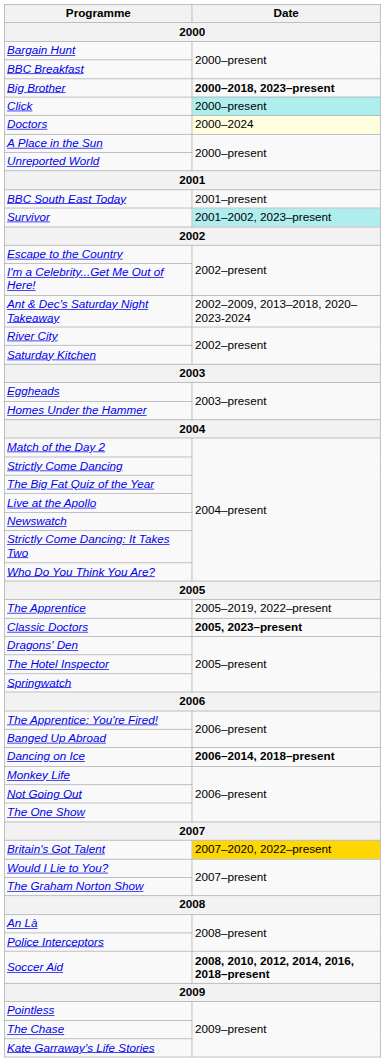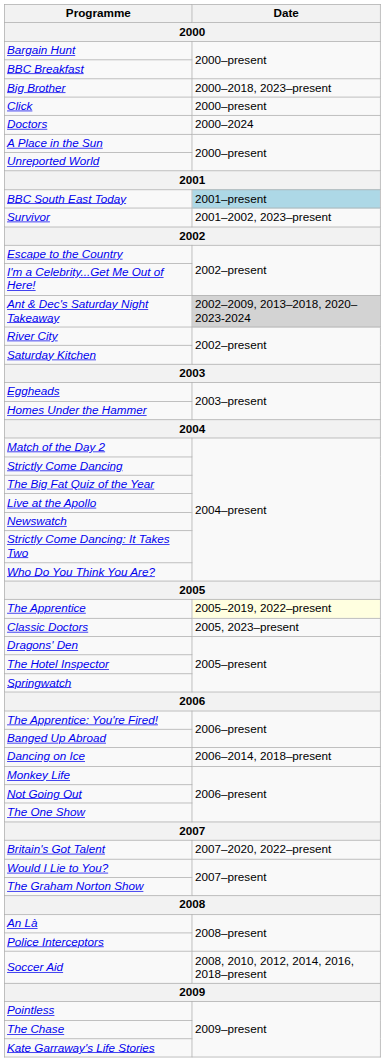 <table class="wikitable">
 <tr>
 <th width=250>Programme</th>
 <th width=250>Date</th>
 </tr>
 <tr>
 <th colspan=2>2000</th>
 </tr>
 <tr>
 <td><em><a href='#'>Bargain Hunt</a></em></td>
 <td rowspan="2">2000–present</td>
 </tr>
 <tr>
 <td><em><a href='#'>BBC Breakfast</a></em></td>
 </tr>
 <tr>
 <td><em><a href='#'>Big Brother</a></em></td>
-<td><strong>2000–2018, 2023–present</strong></td>
+<td>2000–2018, 2023–present</td>
 </tr>
 <tr>
 <td><em><a href='#'>Click</a></em></td>
-<td style="background: paleturquoise;">2000–present</td>
+<td>2000–present</td>
 </tr>
 <tr>
 <td><em><a href='#'>Doctors</a></em></td>
-<td style="background: lightyellow;">2000–2024</td>
+<td>2000–2024</td>
 </tr>
 <tr>
 <td><em><a href='#'>A Place in the Sun</a></em></td>
 <td rowspan="2">2000–present</td>
 </tr>
 <tr>
 <td><em><a href='#'>Unreported World</a></em></td>
 </tr>
 <tr>
 <th colspan=2>2001</th>
 </tr>
 <tr>
 <td><em><a href='#'>BBC South East Today</a></em></td>
-<td>2001–present</td>
+<td style="background: lightblue;">2001–present</td>
 </tr>
 <tr>
 <td><em><a href='#'>Survivor</a></em></td>
-<td style="background: paleturquoise;">2001–2002, 2023–present</td>
+<td>2001–2002, 2023–present</td>
 </tr>
 <tr>
 <th colspan=2>2002</th>
 </tr>
 <tr>
 <td><em><a href='#'>Escape to the Country</a></em></td>
 <td rowspan="2">2002–present</td>
 </tr>
 <tr>
 <td><em><a href='#'>I'm a Celebrity...Get Me Out of Here!</a></em></td>
 </tr>
 <tr>
 <td><em><a href='#'>Ant & Dec's Saturday Night Takeaway</a></em></td>
-<td>2002–2009, 2013–2018, 2020–2023-2024</td>
+<td style="background: lightgrey;">2002–2009, 2013–2018, 2020–2023-2024</td>
 </tr>
 <tr>
 <td><em><a href='#'>River City</a></em></td>
 <td rowspan="2">2002–present</td>
 </tr>
 <tr>
 <td><em><a href='#'>Saturday Kitchen</a></em></td>
 </tr>
 <tr>
 <th colspan=2>2003</th>
 </tr>
 <tr>
 <td><em><a href='#'>Eggheads</a></em></td>
 <td rowspan="2">2003–present</td>
 </tr>
 <tr>
 <td><em><a href='#'>Homes Under the Hammer</a></em></td>
 </tr>
 <tr>
 <th colspan=2>2004</th>
 </tr>
 <tr>
 <td><em><a href='#'>Match of the Day 2</a></em></td>
 <td rowspan="7">2004–present</td>
 </tr>
 <tr>
 <td><em><a href='#'>Strictly Come Dancing</a></em></td>
 </tr>
 <tr>
 <td><em><a href='#'>The Big Fat Quiz of the Year</a></em></td>
 </tr>
 <tr>
 <td><em><a href='#'>Live at the Apollo</a></em></td>
 </tr>
 <tr>
 <td><em><a href='#'>Newswatch</a></em></td>
 </tr>
 <tr>
 <td><em><a href='#'>Strictly Come Dancing: It Takes Two</a></em></td>
 </tr>
 <tr>
 <td><em><a href='#'>Who Do You Think You Are?</a></em></td>
 </tr>
 <tr>
 <th colspan=6>2005</th>
 </tr>
 <tr>
 <td><em><a href='#'>The Apprentice</a></em></td>
-<td>2005–2019, 2022–present</td>
+<td style="background: lightyellow;">2005–2019, 2022–present</td>
 </tr>
 <tr>
 <td><em><a href='#'>Classic Doctors</a></em></td>
-<td><strong>2005, 2023–present</strong></td>
+<td>2005, 2023–present</td>
 </tr>
 <tr>
 <td><em><a href='#'>Dragons' Den</a></em></td>
 <td rowspan="3">2005–present</td>
 </tr>
 <tr>
 <td><em><a href='#'>The Hotel Inspector</a></em></td>
 </tr>
 <tr>
 <td><em><a href='#'>Springwatch</a></em></td>
 </tr>
 <tr>
 <th colspan=2>2006</th>
 </tr>
 <tr>
 <td><em><a href='#'>The Apprentice: You're Fired!</a></em></td>
 <td rowspan="2">2006–present</td>
 </tr>
 <tr>
 <td><em><a href='#'>Banged Up Abroad</a></em></td>
 </tr>
 <tr>
 <td><em><a href='#'>Dancing on Ice</a></em></td>
-<td><strong>2006–2014, 2018–present</strong></td>
+<td>2006–2014, 2018–present</td>
 </tr>
 <tr>
 <td><em><a href='#'>Monkey Life</a></em></td>
 <td rowspan="3">2006–present</td>
 </tr>
 <tr>
 <td><em><a href='#'>Not Going Out</a></em></td>
 </tr>
 <tr>
 <td><em><a href='#'>The One Show</a></em></td>
 </tr>
 <tr>
 <th colspan=2>2007</th>
 </tr>
 <tr>
 <td><em><a href='#'>Britain's Got Talent</a></em></td>
-<td style="background: gold;">2007–2020, 2022–present</td>
+<td>2007–2020, 2022–present</td>
 </tr>
 <tr>
 <td><em><a href='#'>Would I Lie to You?</a></em></td>
 <td rowspan="2">2007–present</td>
 </tr>
 <tr>
 <td><em><a href='#'>The Graham Norton Show</a></em></td>
 </tr>
 <tr>
 <th colspan=2>2008</th>
 </tr>
 <tr>
 <td><em><a href='#'>An Là</a></em></td>
 <td rowspan="2">2008–present</td>
 </tr>
 <tr>
 <td><em><a href='#'>Police Interceptors</a></em></td>
 </tr>
 <tr>
 <td><em><a href='#'>Soccer Aid</a></em></td>
-<td><strong>2008, 2010, 2012, 2014, 2016, 2018–present</strong></td>
+<td>2008, 2010, 2012, 2014, 2016, 2018–present</td>
 </tr>
 <tr>
 <th colspan=2>2009</th>
 </tr>
 <tr>
 <td><em><a href='#'>Pointless</a></em></td>
 <td rowspan="3">2009–present</td>
 </tr>
 <tr>
 <td><em><a href='#'>The Chase</a></em></td>
 </tr>
 <tr>
 <td><em><a href='#'>Kate Garraway's Life Stories</a></em></td>
 </tr>
 </table>
